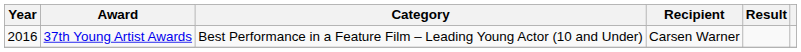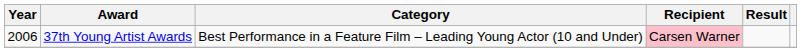 <table class="wikitable plainrowheaders" style="text-align:center;">
 <tr>
 <th scope="col">Year</th>
 <th scope="col">Award</th>
 <th scope="col">Category</th>
 <th scope="col">Recipient</th>
 <th scope="col">Result</th>
 <th scope="col"></th>
 </tr>
 <tr>
-<td>2016</td>
+<td>2006</td>
 <td><a href='#'>37th Young Artist Awards</a></td>
 <td>Best Performance in a Feature Film – Leading Young Actor (10 and Under)</td>
-<td>Carsen Warner</td>
+<td style="background: pink;">Carsen Warner</td>
 <td></td>
 <td></td>
 </tr>
 <tr>
 </tr>
 </table>
